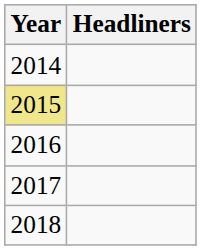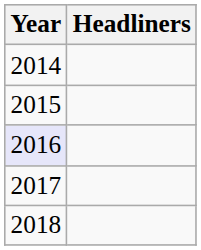 <table class="wikitable">
 <tr>
 <th>Year</th>
 <th>Headliners</th>
 </tr>
 <tr>
 <td>2014</td>
 <td></td>
 </tr>
 <tr>
-<td style="background: khaki;">2015</td>
+<td>2015</td>
 <td></td>
 </tr>
 <tr>
-<td>2016</td>
+<td style="background: lavender;">2016</td>
 <td></td>
 </tr>
 <tr>
 <td>2017</td>
 <td></td>
 </tr>
 <tr>
 <td>2018</td>
 <td></td>
 </tr>
 </table>
